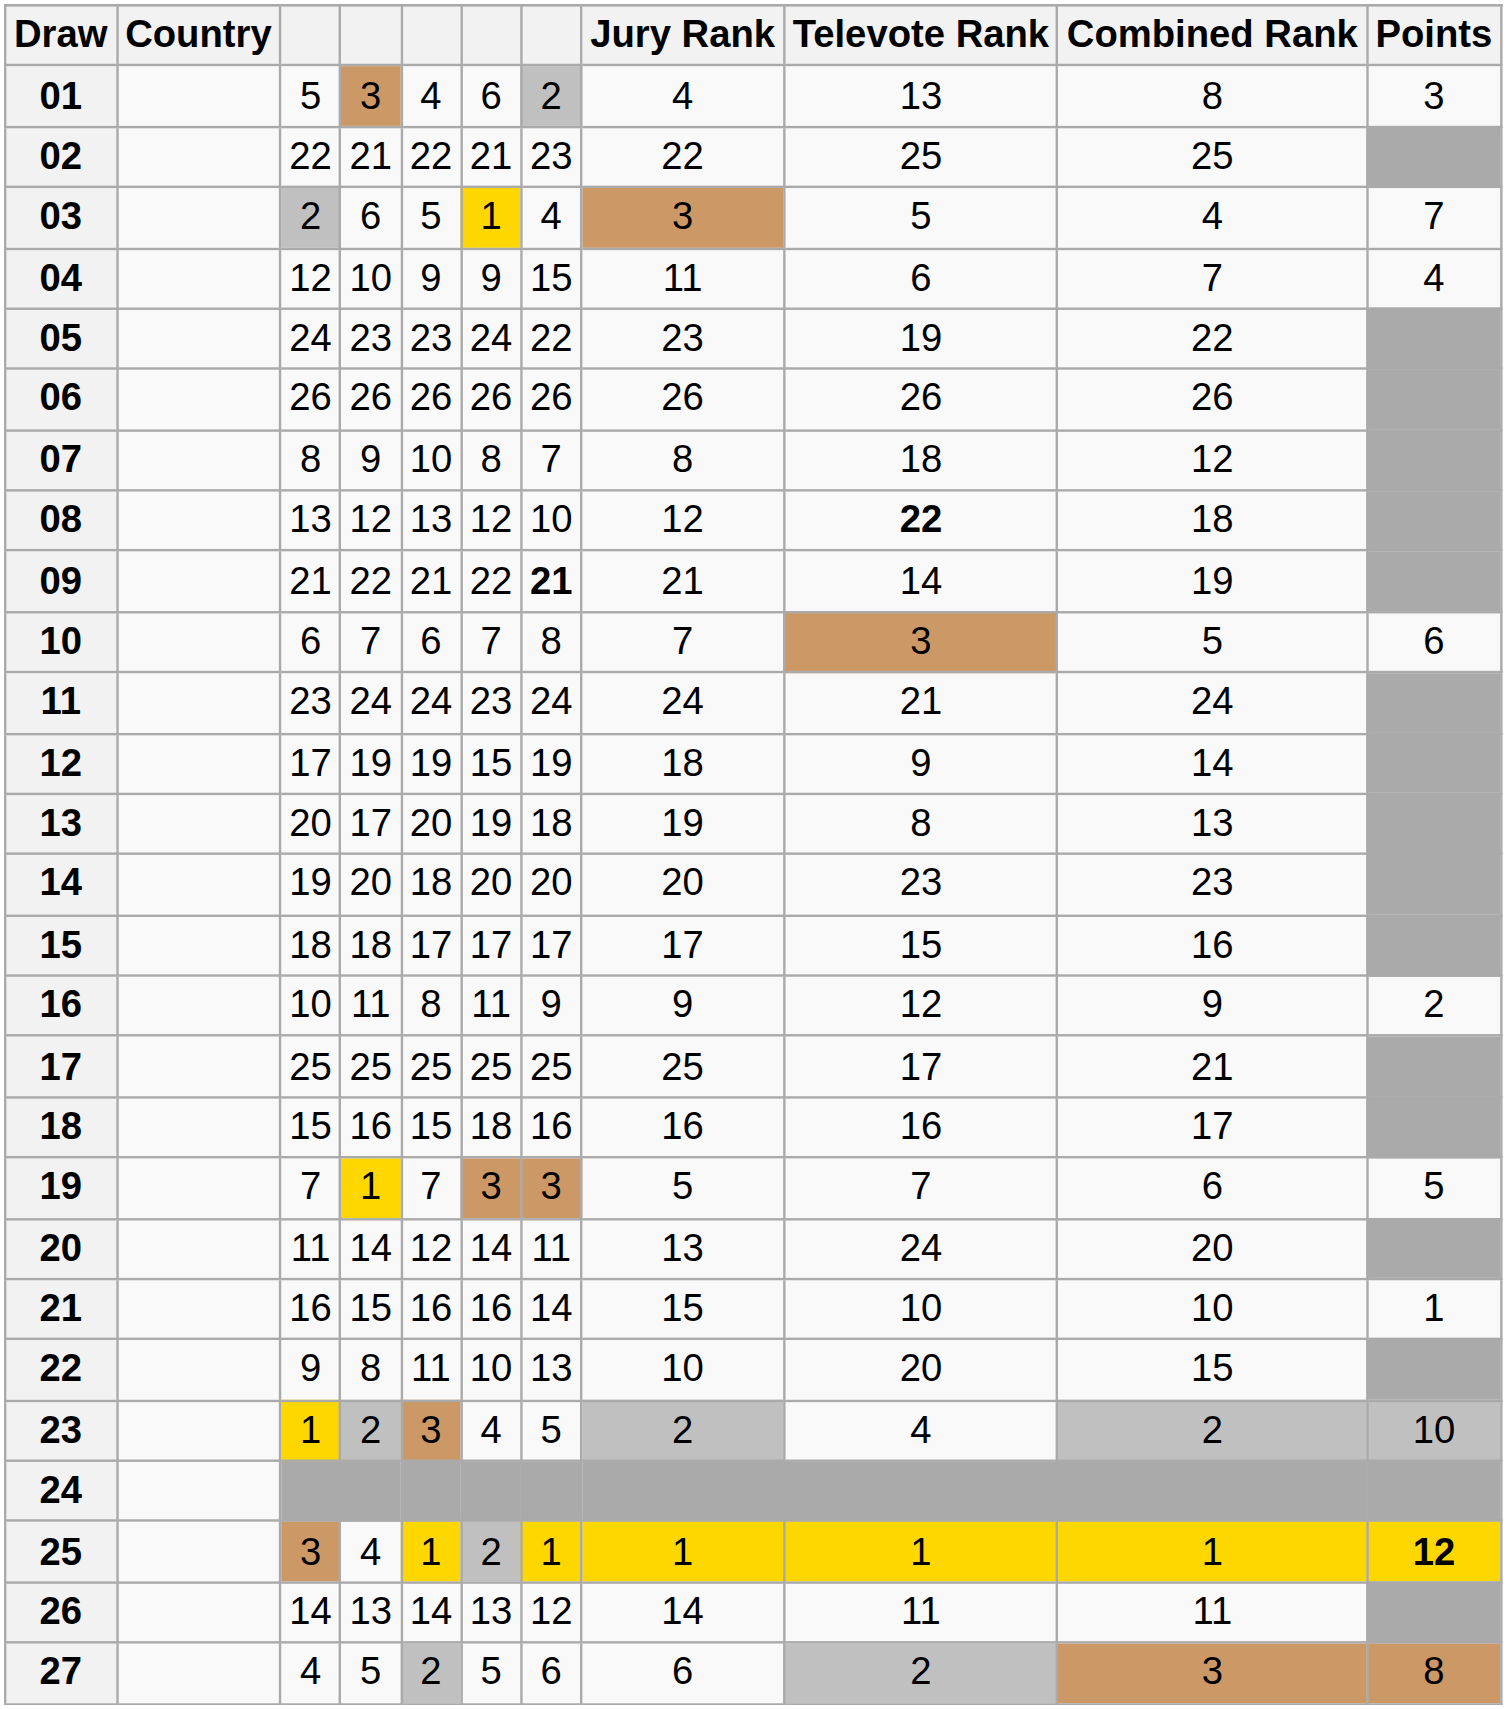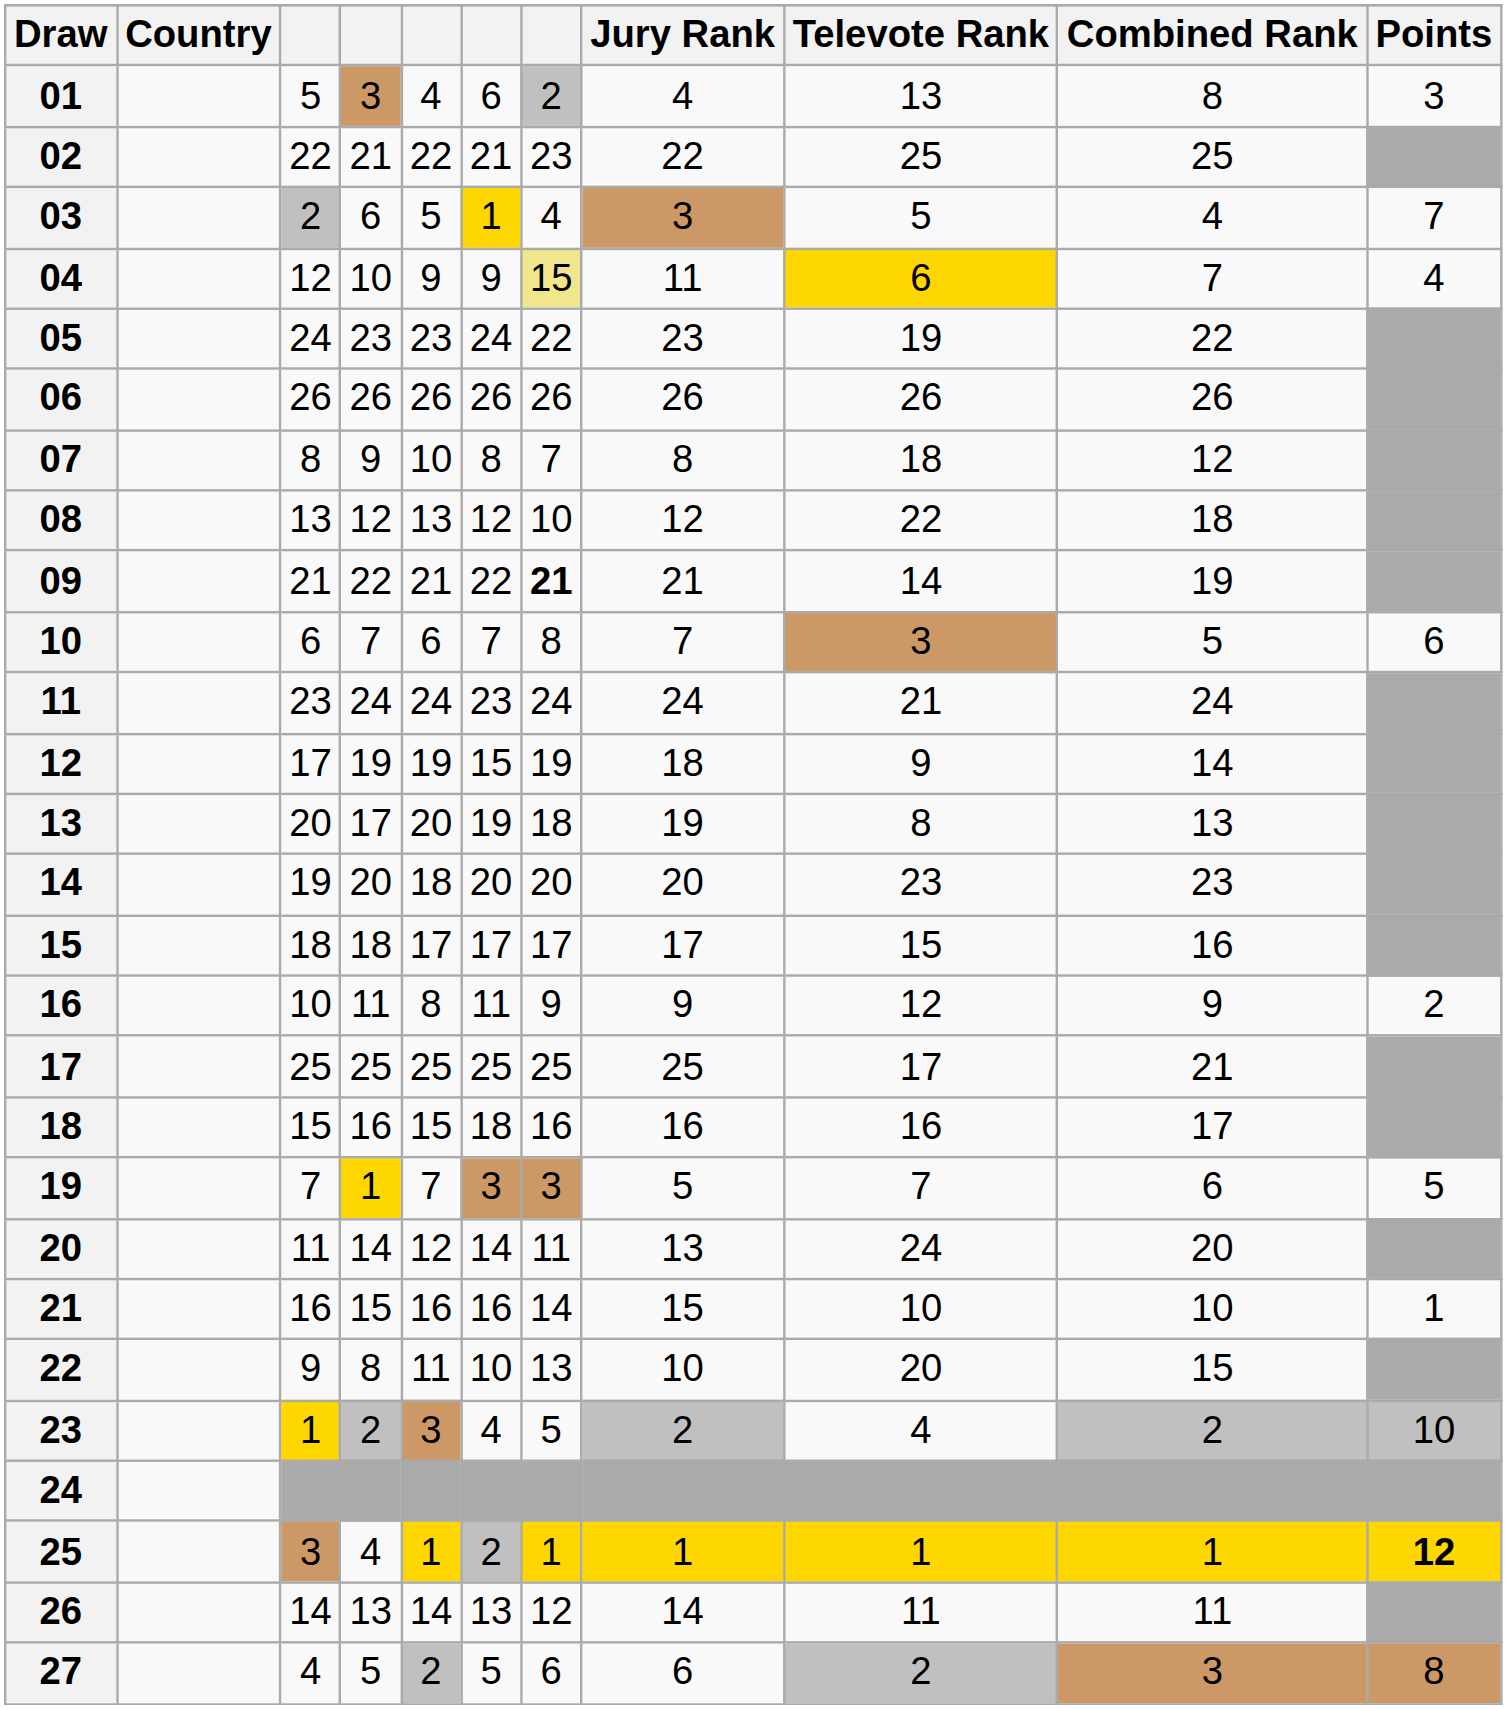 <table class="sortable wikitable collapsible plainrowheaders" style="text-align:center;">
 <tr>
 </tr>
 <tr>
 <th scope="col">Draw</th>
 <th scope="col">Country</th>
 <th scope="col"><small></small></th>
 <th scope="col"><small></small></th>
 <th scope="col"><small></small></th>
 <th scope="col"><small></small></th>
 <th scope="col"><small></small></th>
 <th scope="col">Jury Rank</th>
 <th scope="col">Televote Rank</th>
 <th scope="col">Combined Rank</th>
 <th scope="col">Points</th>
 </tr>
 <tr>
 <th scope="row" style="text-align:center;">01</th>
 <td style="text-align:left;"></td>
 <td>5</td>
 <td style="background:#CC9966;">3</td>
 <td>4</td>
 <td>6</td>
 <td style="background:silver;">2</td>
 <td>4</td>
 <td>13</td>
 <td>8</td>
 <td>3</td>
 </tr>
 <tr>
 <th scope="row" style="text-align:center;">02</th>
 <td style="text-align:left;"></td>
 <td>22</td>
 <td>21</td>
 <td>22</td>
 <td>21</td>
 <td>23</td>
 <td>22</td>
 <td>25</td>
 <td>25</td>
 <td style="background:#AAAAAA;"></td>
 </tr>
 <tr>
 <th scope="row" style="text-align:center;">03</th>
 <td style="text-align:left;"></td>
 <td style="background:silver;">2</td>
 <td>6</td>
 <td>5</td>
 <td style="background:gold;">1</td>
 <td>4</td>
 <td style="background:#CC9966;">3</td>
 <td>5</td>
 <td>4</td>
 <td>7</td>
 </tr>
 <tr>
 <th scope="row" style="text-align:center;">04</th>
 <td style="text-align:left;"></td>
 <td>12</td>
 <td>10</td>
 <td>9</td>
 <td>9</td>
-<td>15</td>
+<td style="background: khaki;">15</td>
 <td>11</td>
-<td>6</td>
+<td style="background: gold;">6</td>
 <td>7</td>
 <td>4</td>
 </tr>
 <tr>
 <th scope="row" style="text-align:center;">05</th>
 <td style="text-align:left;"></td>
 <td>24</td>
 <td>23</td>
 <td>23</td>
 <td>24</td>
 <td>22</td>
 <td>23</td>
 <td>19</td>
 <td>22</td>
 <td style="background:#AAAAAA;"></td>
 </tr>
 <tr>
 <th scope="row" style="text-align:center;">06</th>
 <td style="text-align:left;"></td>
 <td>26</td>
 <td>26</td>
 <td>26</td>
 <td>26</td>
 <td>26</td>
 <td>26</td>
 <td>26</td>
 <td>26</td>
 <td style="background:#AAAAAA;"></td>
 </tr>
 <tr>
 <th scope="row" style="text-align:center;">07</th>
 <td style="text-align:left;"></td>
 <td>8</td>
 <td>9</td>
 <td>10</td>
 <td>8</td>
 <td>7</td>
 <td>8</td>
 <td>18</td>
 <td>12</td>
 <td style="background:#AAAAAA;"></td>
 </tr>
 <tr>
 <th scope="row" style="text-align:center;">08</th>
 <td style="text-align:left;"></td>
 <td>13</td>
 <td>12</td>
 <td>13</td>
 <td>12</td>
 <td>10</td>
 <td>12</td>
-<td><strong>22</strong></td>
+<td>22</td>
 <td>18</td>
 <td style="background:#AAAAAA;"></td>
 </tr>
 <tr>
 <th scope="row" style="text-align:center;">09</th>
 <td style="text-align:left;"></td>
 <td>21</td>
 <td>22</td>
 <td>21</td>
 <td>22</td>
 <td><strong>21</strong></td>
 <td>21</td>
 <td>14</td>
 <td>19</td>
 <td style="background:#AAAAAA;"></td>
 </tr>
 <tr>
 <th scope="row" style="text-align:center;">10</th>
 <td style="text-align:left;"></td>
 <td>6</td>
 <td>7</td>
 <td>6</td>
 <td>7</td>
 <td>8</td>
 <td>7</td>
 <td style="background:#CC9966;">3</td>
 <td>5</td>
 <td>6</td>
 </tr>
 <tr>
 <th scope="row" style="text-align:center;">11</th>
 <td style="text-align:left;"></td>
 <td>23</td>
 <td>24</td>
 <td>24</td>
 <td>23</td>
 <td>24</td>
 <td>24</td>
 <td>21</td>
 <td>24</td>
 <td style="background:#AAAAAA;"></td>
 </tr>
 <tr>
 <th scope="row" style="text-align:center;">12</th>
 <td style="text-align:left;"></td>
 <td>17</td>
 <td>19</td>
 <td>19</td>
 <td>15</td>
 <td>19</td>
 <td>18</td>
 <td>9</td>
 <td>14</td>
 <td style="background:#AAAAAA;"></td>
 </tr>
 <tr>
 <th scope="row" style="text-align:center;">13</th>
 <td style="text-align:left;"></td>
 <td>20</td>
 <td>17</td>
 <td>20</td>
 <td>19</td>
 <td>18</td>
 <td>19</td>
 <td>8</td>
 <td>13</td>
 <td style="background:#AAAAAA;"></td>
 </tr>
 <tr>
 <th scope="row" style="text-align:center;">14</th>
 <td style="text-align:left;"></td>
 <td>19</td>
 <td>20</td>
 <td>18</td>
 <td>20</td>
 <td>20</td>
 <td>20</td>
 <td>23</td>
 <td>23</td>
 <td style="background:#AAAAAA;"></td>
 </tr>
 <tr>
 <th scope="row" style="text-align:center;">15</th>
 <td style="text-align:left;"></td>
 <td>18</td>
 <td>18</td>
 <td>17</td>
 <td>17</td>
 <td>17</td>
 <td>17</td>
 <td>15</td>
 <td>16</td>
 <td style="background:#AAAAAA;"></td>
 </tr>
 <tr>
 <th scope="row" style="text-align:center;">16</th>
 <td style="text-align:left;"></td>
 <td>10</td>
 <td>11</td>
 <td>8</td>
 <td>11</td>
 <td>9</td>
 <td>9</td>
 <td>12</td>
 <td>9</td>
 <td>2</td>
 </tr>
 <tr>
 <th scope="row" style="text-align:center;">17</th>
 <td style="text-align:left;"></td>
 <td>25</td>
 <td>25</td>
 <td>25</td>
 <td>25</td>
 <td>25</td>
 <td>25</td>
 <td>17</td>
 <td>21</td>
 <td style="background:#AAAAAA;"></td>
 </tr>
 <tr>
 <th scope="row" style="text-align:center;">18</th>
 <td style="text-align:left;"></td>
 <td>15</td>
 <td>16</td>
 <td>15</td>
 <td>18</td>
 <td>16</td>
 <td>16</td>
 <td>16</td>
 <td>17</td>
 <td style="background:#AAAAAA;"></td>
 </tr>
 <tr>
 <th scope="row" style="text-align:center;">19</th>
 <td style="text-align:left;"></td>
 <td>7</td>
 <td style="background:gold;">1</td>
 <td>7</td>
 <td style="background:#CC9966;">3</td>
 <td style="background:#CC9966;">3</td>
 <td>5</td>
 <td>7</td>
 <td>6</td>
 <td>5</td>
 </tr>
 <tr>
 <th scope="row" style="text-align:center;">20</th>
 <td style="text-align:left;"></td>
 <td>11</td>
 <td>14</td>
 <td>12</td>
 <td>14</td>
 <td>11</td>
 <td>13</td>
 <td>24</td>
 <td>20</td>
 <td style="background:#AAAAAA;"></td>
 </tr>
 <tr>
 <th scope="row" style="text-align:center;">21</th>
 <td style="text-align:left;"></td>
 <td>16</td>
 <td>15</td>
 <td>16</td>
 <td>16</td>
 <td>14</td>
 <td>15</td>
 <td>10</td>
 <td>10</td>
 <td>1</td>
 </tr>
 <tr>
 <th scope="row" style="text-align:center;">22</th>
 <td style="text-align:left;"></td>
 <td>9</td>
 <td>8</td>
 <td>11</td>
 <td>10</td>
 <td>13</td>
 <td>10</td>
 <td>20</td>
 <td>15</td>
 <td style="background:#AAAAAA;"></td>
 </tr>
 <tr>
 <th scope="row" style="text-align:center;">23</th>
 <td style="text-align:left;"></td>
 <td style="background:gold;">1</td>
 <td style="background:silver;">2</td>
 <td style="background:#CC9966;">3</td>
 <td>4</td>
 <td>5</td>
 <td style="background:silver;">2</td>
 <td>4</td>
 <td style="background:silver;">2</td>
 <td style="background:silver;">10</td>
 </tr>
 <tr class="sortbottom">
 <th scope="row" style="text-align:center;">24</th>
 <td style="text-align:left;"></td>
 <td style="background:#AAAAAA;"></td>
 <td style="background:#AAAAAA;"></td>
 <td style="background:#AAAAAA;"></td>
 <td style="background:#AAAAAA;"></td>
 <td style="background:#AAAAAA;"></td>
 <td style="background:#AAAAAA;"></td>
 <td style="background:#AAAAAA;"></td>
 <td style="background:#AAAAAA;"></td>
 <td style="background:#AAAAAA;"></td>
 </tr>
 <tr>
 <th scope="row" style="text-align:center;">25</th>
 <td style="text-align:left;"></td>
 <td style="background:#CC9966;">3</td>
 <td>4</td>
 <td style="background:gold;">1</td>
 <td style="background:silver;">2</td>
 <td style="background:gold;">1</td>
 <td style="background:gold;">1</td>
 <td style="background:gold;">1</td>
 <td style="background:gold;">1</td>
 <td style="background:gold;"><strong>12</strong></td>
 </tr>
 <tr>
 <th scope="row" style="text-align:center;">26</th>
 <td style="text-align:left;"></td>
 <td>14</td>
 <td>13</td>
 <td>14</td>
 <td>13</td>
 <td>12</td>
 <td>14</td>
 <td>11</td>
 <td>11</td>
 <td style="background:#AAAAAA;"></td>
 </tr>
 <tr>
 <th scope="row" style="text-align:center;">27</th>
 <td style="text-align:left;"></td>
 <td>4</td>
 <td>5</td>
 <td style="background:silver;">2</td>
 <td>5</td>
 <td>6</td>
 <td>6</td>
 <td style="background:silver;">2</td>
 <td style="background:#CC9966;">3</td>
 <td style="background:#CC9966;">8</td>
 </tr>
 </table>
